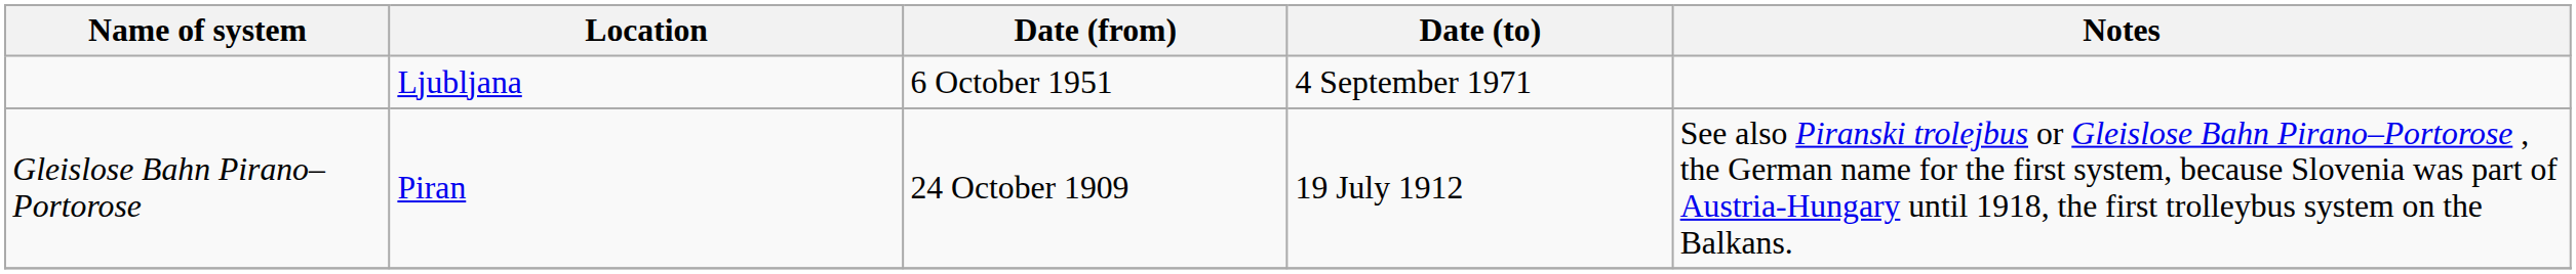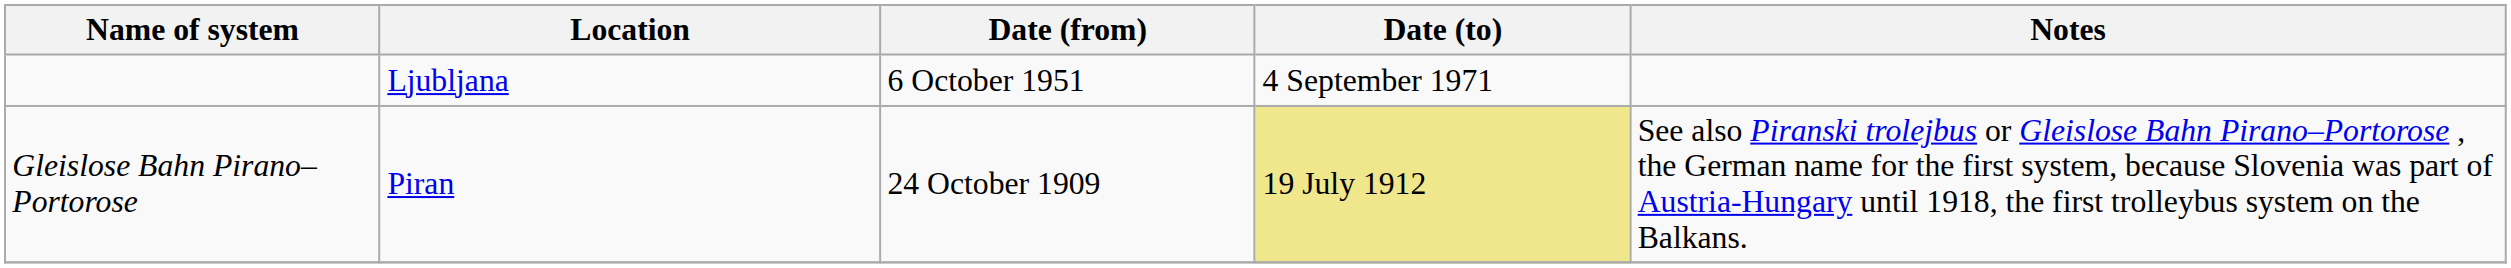 <table class="wikitable" width=100%>
 <tr>
 <th width=15%>Name of system</th>
 <th width=20%>Location</th>
 <th width=15%>Date (from)</th>
 <th width=15%>Date (to)</th>
 <th width=35%>Notes</th>
 </tr>
 <tr>
 <td> </td>
 <td><a href='#'>Ljubljana</a></td>
 <td>6 October 1951</td>
 <td>4 September 1971</td>
 <td> </td>
 </tr>
 <tr>
 <td><em>Gleislose Bahn Pirano–Portorose</em></td>
 <td><a href='#'>Piran</a></td>
 <td>24 October 1909</td>
-<td>19 July 1912</td>
+<td style="background: khaki;">19 July 1912</td>
 <td>See also <em><a href='#'>Piranski trolejbus</a></em>  or <em><a href='#'>Gleislose Bahn Pirano–Portorose</a></em> , the German name for the first system, because Slovenia was part of <a href='#'>Austria-Hungary</a> until 1918, the first trolleybus system on the Balkans.</td>
 </tr>
 <tr>
 </tr>
 </table>
